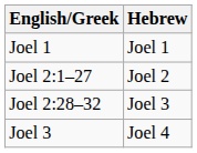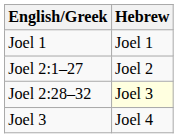 <table class= "wikitable">
 <tr>
 <th>English/Greek</th>
 <th>Hebrew</th>
 </tr>
 <tr>
 <td>Joel 1</td>
 <td>Joel 1</td>
 </tr>
 <tr>
 <td>Joel 2:1–27</td>
 <td>Joel 2</td>
 </tr>
 <tr>
 <td>Joel 2:28–32</td>
-<td>Joel 3</td>
+<td style="background: lightyellow;">Joel 3</td>
 </tr>
 <tr>
 <td>Joel 3</td>
 <td>Joel 4</td>
 </tr>
 </table>
